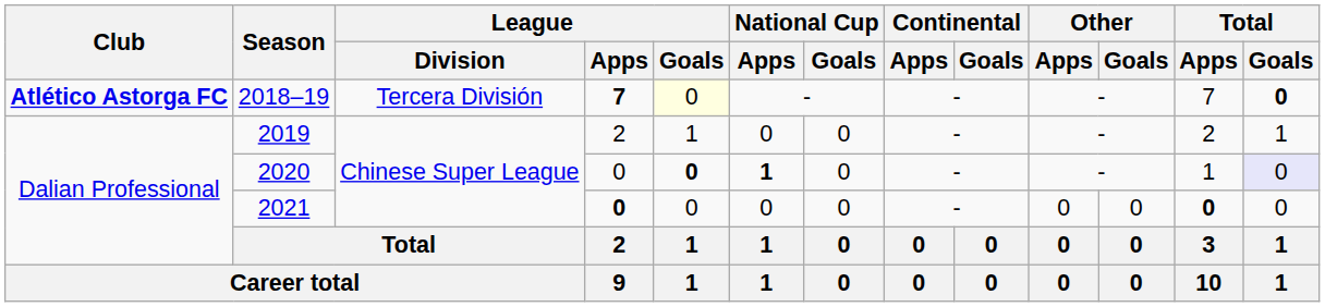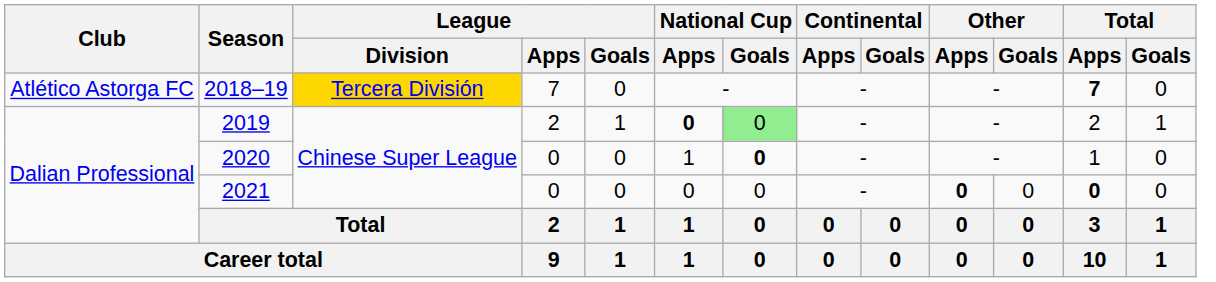 <table class="wikitable" style="text-align: center">
 <tr>
 <th rowspan="2">Club</th>
 <th rowspan="2">Season</th>
 <th colspan="3">League</th>
 <th colspan="2">National Cup</th>
 <th colspan="2">Continental</th>
 <th colspan="2">Other</th>
 <th colspan="2">Total</th>
 </tr>
 <tr>
 <th>Division</th>
 <th>Apps</th>
 <th>Goals</th>
 <th>Apps</th>
 <th>Goals</th>
 <th>Apps</th>
 <th>Goals</th>
 <th>Apps</th>
 <th>Goals</th>
 <th>Apps</th>
 <th>Goals</th>
 </tr>
 <tr>
-<td><strong><a href='#'>Atlético Astorga FC</a></strong></td>
+<td><a href='#'>Atlético Astorga FC</a></td>
 <td><a href='#'>2018–19</a></td>
-<td><a href='#'>Tercera División</a></td>
-<td><strong>7</strong></td>
-<td style="background: lightyellow;">0</td>
+<td style="background: gold;"><a href='#'>Tercera División</a></td>
+<td>7</td>
+<td>0</td>
 <td colspan="2">-</td>
 <td colspan="2">-</td>
 <td colspan="2">-</td>
-<td>7</td>
-<td><strong>0</strong></td>
+<td><strong>7</strong></td>
+<td>0</td>
 </tr>
 <tr>
 <td rowspan=4><a href='#'>Dalian Professional</a></td>
 <td><a href='#'>2019</a></td>
 <td rowspan=3><a href='#'>Chinese Super League</a></td>
 <td>2</td>
 <td>1</td>
-<td>0</td>
-<td>0</td>
+<td><strong>0</strong></td>
+<td style="background: lightgreen;">0</td>
 <td colspan="2">-</td>
 <td colspan="2">-</td>
 <td>2</td>
 <td>1</td>
 </tr>
 <tr>
 <td><a href='#'>2020</a></td>
 <td>0</td>
+<td>0</td>
+<td>1</td>
 <td><strong>0</strong></td>
-<td><strong>1</strong></td>
-<td>0</td>
 <td colspan="2">-</td>
 <td colspan="2">-</td>
 <td>1</td>
-<td style="background: lavender;">0</td>
+<td>0</td>
 </tr>
 <tr>
 <td><a href='#'>2021</a></td>
-<td><strong>0</strong></td>
+<td>0</td>
 <td>0</td>
 <td>0</td>
 <td>0</td>
 <td colspan="2">-</td>
-<td>0</td>
+<td><strong>0</strong></td>
 <td>0</td>
 <td><strong>0</strong></td>
 <td>0</td>
 </tr>
 <tr>
 <th colspan="2">Total</th>
 <th>2</th>
 <th>1</th>
 <th>1</th>
 <th>0</th>
 <th>0</th>
 <th>0</th>
 <th>0</th>
 <th>0</th>
 <th>3</th>
 <th>1</th>
 </tr>
 <tr>
 <th colspan="3">Career total</th>
 <th>9</th>
 <th>1</th>
 <th>1</th>
 <th>0</th>
 <th>0</th>
 <th>0</th>
 <th>0</th>
 <th>0</th>
 <th>10</th>
 <th>1</th>
 </tr>
 </table>
